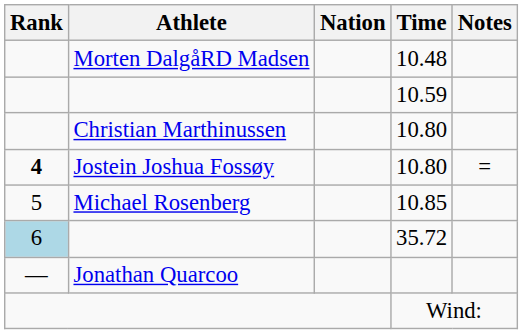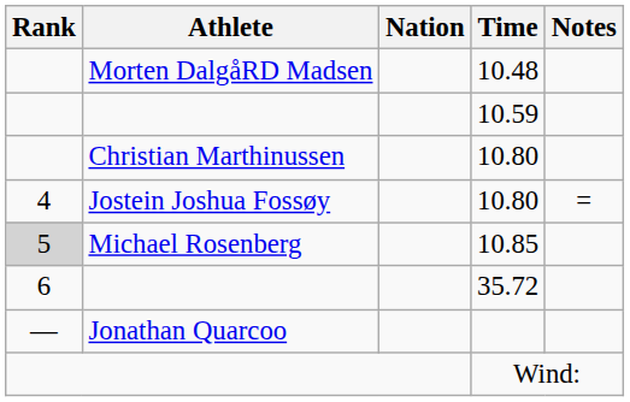 <table class="wikitable sortable" style="text-align:center;">
 <tr>
 <th scope="col" style="width: 10px;">Rank</th>
 <th scope="col">Athlete</th>
 <th scope="col">Nation</th>
 <th scope="col">Time</th>
 <th scope="col">Notes</th>
 </tr>
 <tr>
 <td></td>
 <td align=left><a href='#'>Morten DalgåRD Madsen</a></td>
 <td align=left></td>
 <td>10.48</td>
 <td></td>
 </tr>
 <tr>
 <td></td>
 <td align=left></td>
 <td align=left></td>
 <td>10.59</td>
 <td></td>
 </tr>
 <tr>
 <td></td>
 <td align=left><a href='#'>Christian Marthinussen</a></td>
 <td align=left></td>
 <td>10.80</td>
 <td></td>
 </tr>
 <tr>
-<td><strong>4</strong></td>
+<td>4</td>
 <td align=left><a href='#'>Jostein Joshua Fossøy</a></td>
 <td align=left></td>
 <td>10.80</td>
 <td>=</td>
 </tr>
 <tr>
-<td>5</td>
+<td style="background: lightgrey;">5</td>
 <td align=left><a href='#'>Michael Rosenberg</a></td>
 <td align=left></td>
 <td>10.85</td>
 <td></td>
 </tr>
 <tr>
-<td style="background: lightblue;">6</td>
+<td>6</td>
 <td align=left></td>
 <td align=left></td>
 <td>35.72</td>
 <td></td>
 </tr>
 <tr>
 <td>—</td>
 <td align=left><a href='#'>Jonathan Quarcoo</a></td>
 <td align=left></td>
 <td></td>
 <td></td>
 </tr>
 <tr class="sortbottom">
 <td colspan="3"></td>
 <td colspan="2">Wind: </td>
 </tr>
 </table>
